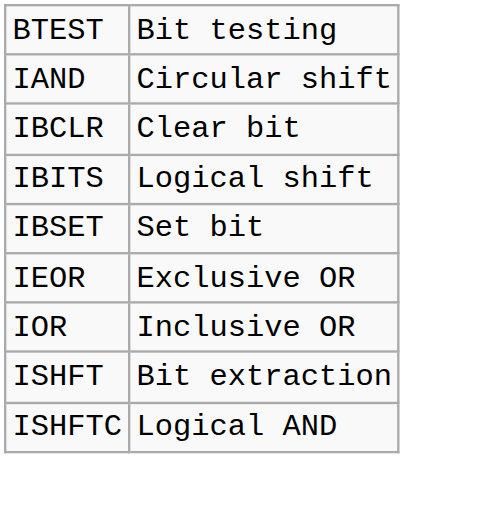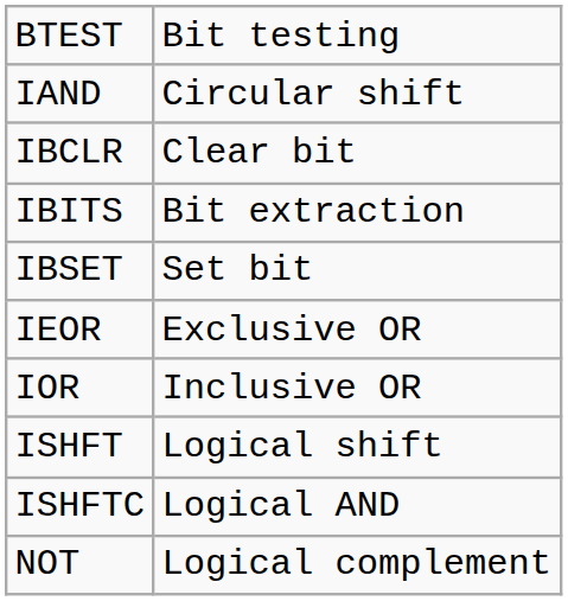 <table class="wikitable">
 <tr>
 <td><code>BTEST</code></td>
 <td>Bit testing</td>
 </tr>
 <tr>
 <td><code>IAND</code></td>
 <td>Circular shift</td>
 </tr>
 <tr>
 <td><code>IBCLR</code></td>
 <td>Clear bit</td>
 </tr>
 <tr>
 <td><code>IBITS</code></td>
-<td>Logical shift</td>
+<td>Bit extraction</td>
 </tr>
 <tr>
 <td><code>IBSET</code></td>
 <td>Set bit</td>
 </tr>
 <tr>
 <td><code>IEOR</code></td>
 <td>Exclusive OR</td>
 </tr>
 <tr>
 <td><code>IOR</code></td>
 <td>Inclusive OR</td>
 </tr>
 <tr>
 <td><code>ISHFT</code></td>
-<td>Bit extraction</td>
+<td>Logical shift</td>
 </tr>
 <tr>
 <td><code>ISHFTC</code></td>
 <td>Logical AND</td>
 </tr>
+<tr>
+<td><code>NOT</code></td>
+<td>Logical complement</td>
+</tr>
 </table>
